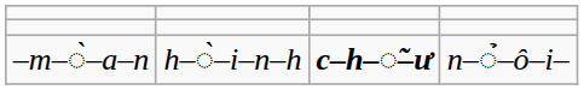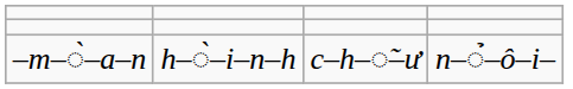 <table class=wikitable>
 <tr align=center>
 <td><span></span></td>
 <td><span></span></td>
 <td><span></span></td>
 <td><span></span></td>
 </tr>
 <tr align=center>
 <td></td>
 <td></td>
 <td></td>
 <td></td>
 </tr>
 <tr align=center>
 <td><em>–m–◌̀–a–n</em></td>
 <td><em>h–◌̀–i–n–h</em></td>
-<td><strong><em>c–h–◌̃–ư</em></strong></td>
+<td><em>c–h–◌̃–ư</em></td>
 <td><em>n–◌̉–ô–i–</em></td>
 </tr>
 </table>
